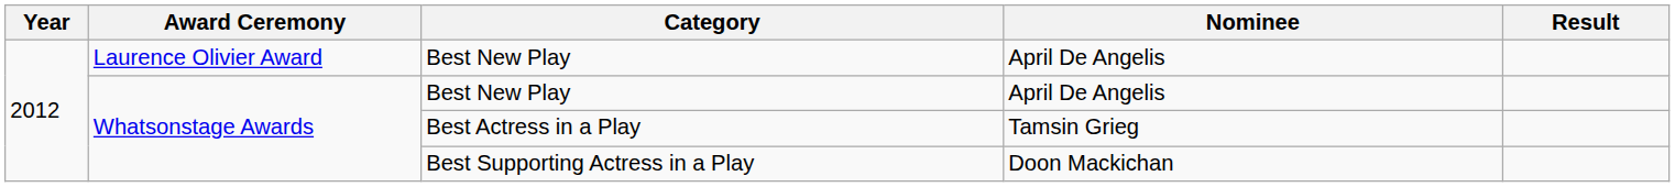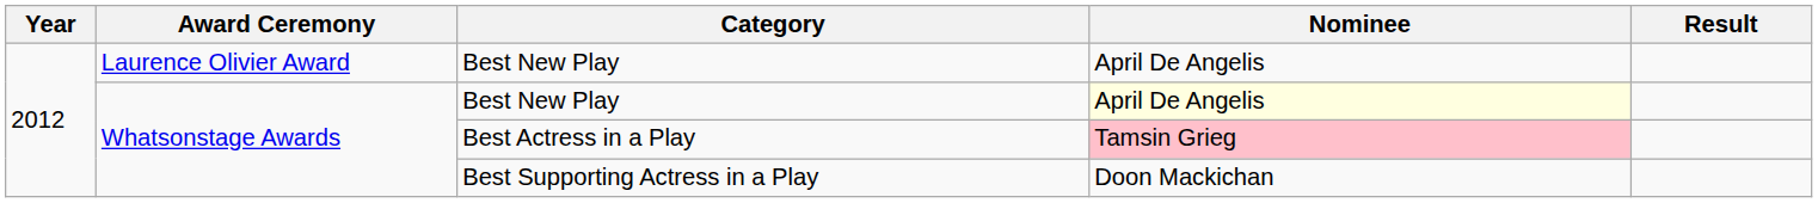 <table class="wikitable" width="95%">
 <tr>
 <th width="5%">Year</th>
 <th width="20%">Award Ceremony</th>
 <th width="35%">Category</th>
 <th width="30%">Nominee</th>
 <th width="10%">Result</th>
 </tr>
 <tr>
 <td rowspan="4">2012</td>
 <td rowspan="1"><a href='#'>Laurence Olivier Award</a></td>
 <td rowspan="1">Best New Play</td>
 <td>April De Angelis</td>
 <td></td>
 </tr>
 <tr>
 <td rowspan="3"><a href='#'>Whatsonstage Awards</a></td>
 <td rowspan="1">Best New Play</td>
-<td rowspan="1">April De Angelis</td>
+<td rowspan="1" style="background: lightyellow;">April De Angelis</td>
 <td></td>
 </tr>
 <tr>
 <td rowspan="1">Best Actress in a Play</td>
-<td rowspan="1">Tamsin Grieg</td>
+<td rowspan="1" style="background: pink;">Tamsin Grieg</td>
 <td></td>
 </tr>
 <tr>
 <td rowspan="1">Best Supporting Actress in a Play</td>
 <td rowspan="1">Doon Mackichan</td>
 <td></td>
 </tr>
 </table>
